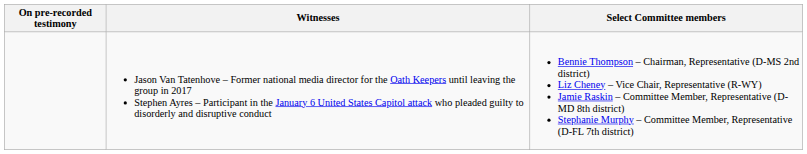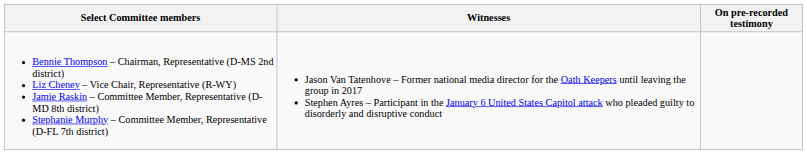 <table class="vertical-align-top wikitable mw-collapsible mw-collapsed">
 <tr>
+<th>Select Committee members</th>
+<th>Witnesses</th>
 <th>On pre-recorded testimony</th>
-<th>Witnesses</th>
-<th>Select Committee members</th>
 </tr>
 <tr>
+<td><br><ul><li><a href='#'>Bennie Thompson</a> – Chairman, Representative (D-MS 2nd district)</li><li><a href='#'>Liz Cheney</a> – Vice Chair, Representative (R-WY)</li><li><a href='#'>Jamie Raskin</a> – Committee Member, Representative (D-MD 8th district)</li><li><a href='#'>Stephanie Murphy</a> – Committee Member, Representative (D-FL 7th district)</li></ul></td>
+<td><br><ul><li>Jason Van Tatenhove – Former national media director for the <a href='#'>Oath Keepers</a> until leaving the group in 2017</li><li>Stephen Ayres – Participant in the <a href='#'>January 6 United States Capitol attack</a> who pleaded guilty to disorderly and disruptive conduct</li></ul></td>
 <td></td>
-<td><br><ul><li>Jason Van Tatenhove – Former national media director for the <a href='#'>Oath Keepers</a> until leaving the group in 2017</li><li>Stephen Ayres – Participant in the <a href='#'>January 6 United States Capitol attack</a> who pleaded guilty to disorderly and disruptive conduct</li></ul></td>
-<td><br><ul><li><a href='#'>Bennie Thompson</a> – Chairman, Representative (D-MS 2nd district)</li><li><a href='#'>Liz Cheney</a> – Vice Chair, Representative (R-WY)</li><li><a href='#'>Jamie Raskin</a> – Committee Member, Representative (D-MD 8th district)</li><li><a href='#'>Stephanie Murphy</a> – Committee Member, Representative (D-FL 7th district)</li></ul></td>
 </tr>
 </table>
